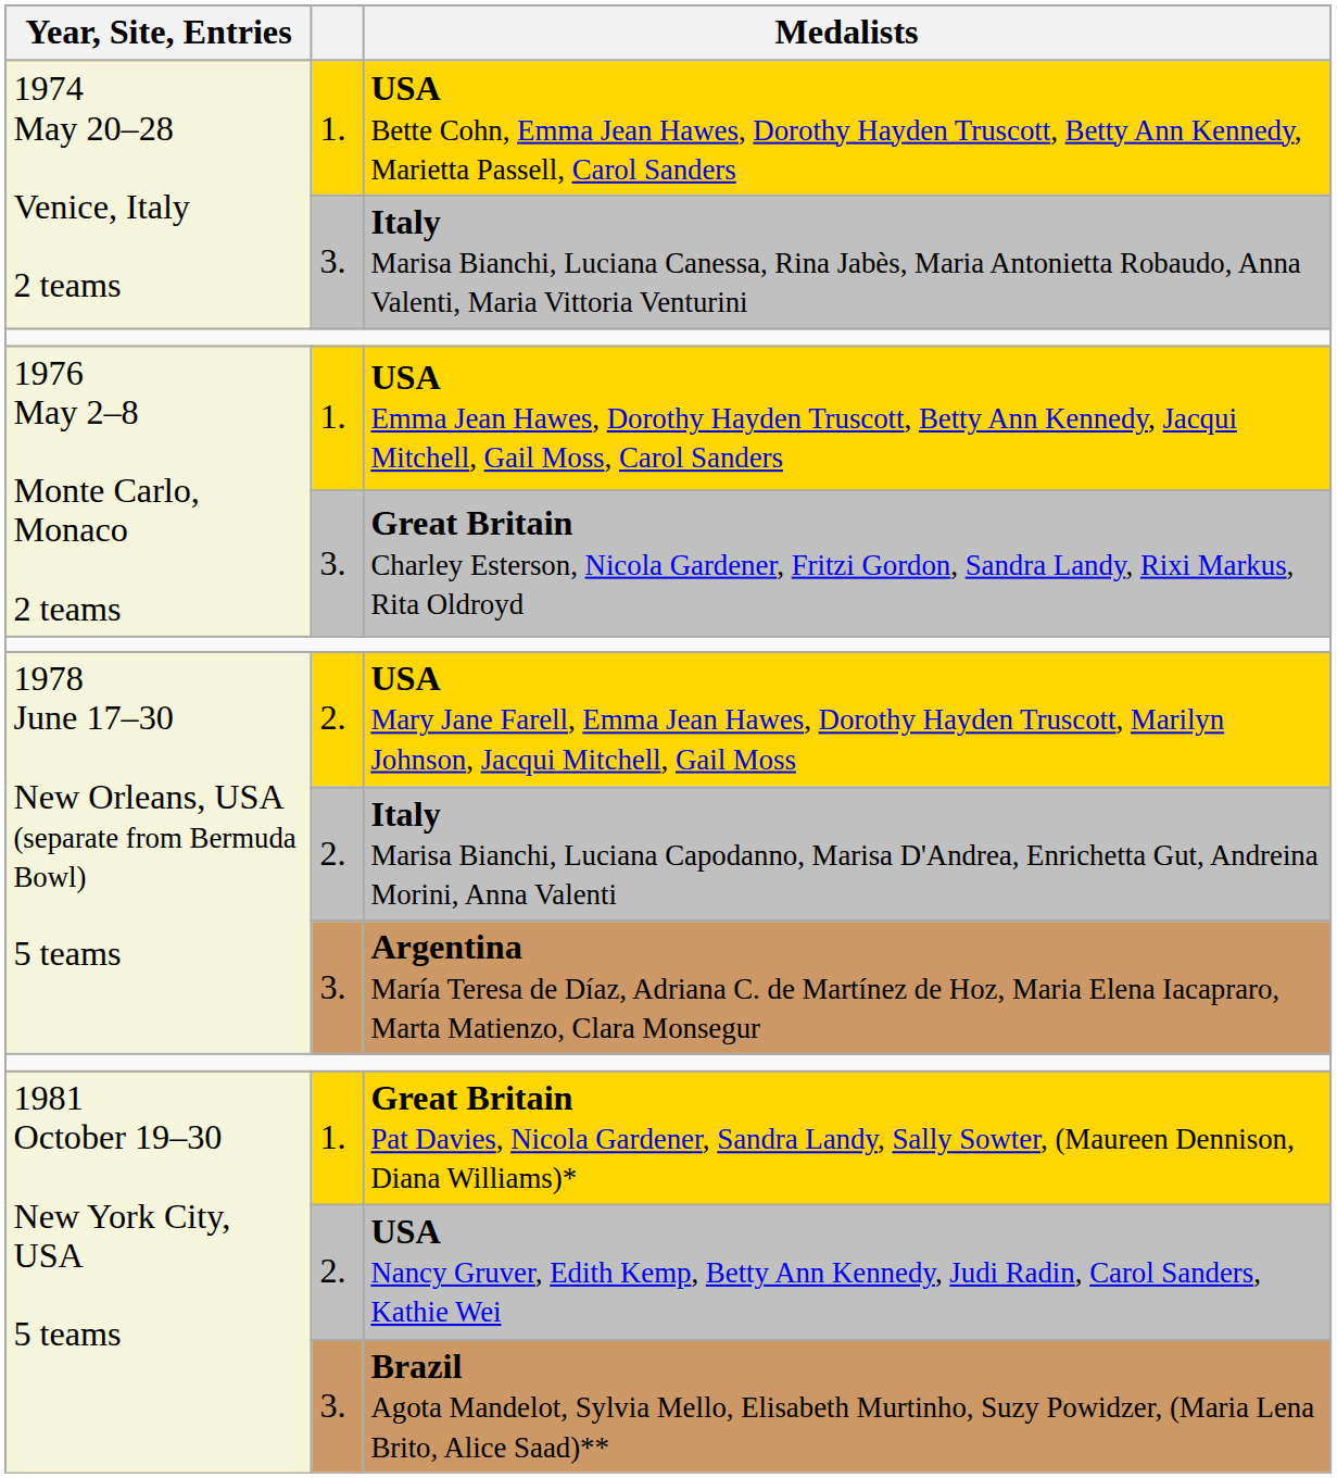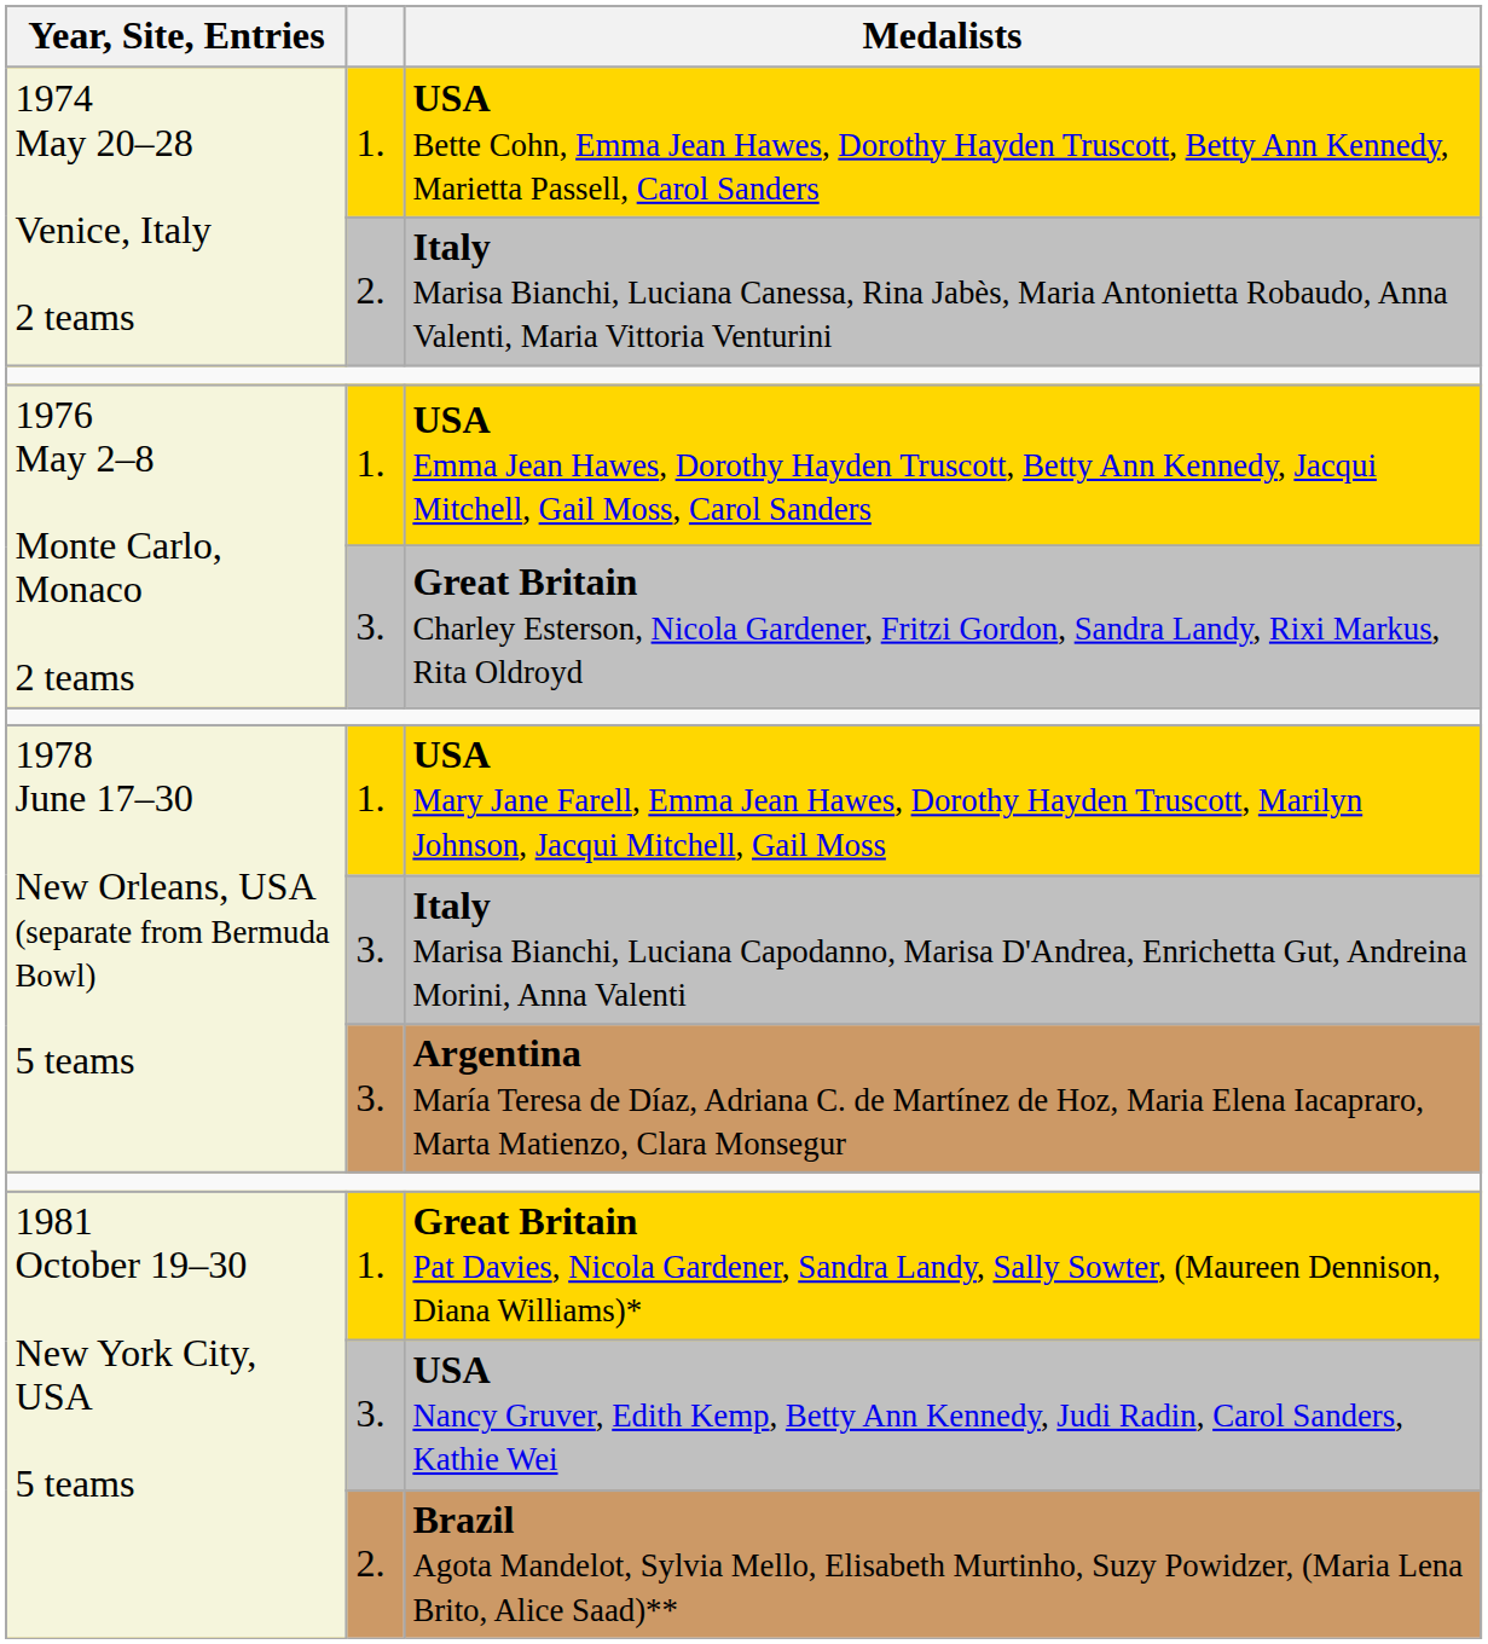 <table class=wikitable>
 <tr>
 <th>Year, Site, Entries</th>
 <th></th>
 <th>Medalists</th>
 </tr>
 <tr bgcolor="gold">
 <td rowspan=2 bgcolor="beige" valign="Top">1974<br>May 20–28 <br> <br>Venice, Italy <br> <br>2 teams</td>
 <td>1. </td>
 <td> <strong>USA</strong> <br><small>Bette Cohn, <a href='#'>Emma Jean Hawes</a>, <a href='#'>Dorothy Hayden Truscott</a>, <a href='#'>Betty Ann Kennedy</a>, Marietta Passell, <a href='#'>Carol Sanders</a></small></td>
 </tr>
 <tr bgcolor="silver">
-<td>3.</td>
+<td>2.</td>
 <td> <strong>Italy</strong> <br><small>Marisa Bianchi, Luciana Canessa, Rina Jabès, Maria Antonietta Robaudo, Anna Valenti, Maria Vittoria Venturini  </small></td>
 </tr>
 <tr>
 <td colspan=3></td>
 </tr>
 <tr bgcolor="gold">
 <td rowspan=2 bgcolor="beige" valign="Top">1976<br>May 2–8 <br> <br>Monte Carlo, Monaco <br> <br>2 teams</td>
 <td>1.</td>
 <td> <strong>USA</strong> <br><small><a href='#'>Emma Jean Hawes</a>, <a href='#'>Dorothy Hayden Truscott</a>, <a href='#'>Betty Ann Kennedy</a>, <a href='#'>Jacqui Mitchell</a>, <a href='#'>Gail Moss</a>, <a href='#'>Carol Sanders</a></small></td>
 </tr>
 <tr bgcolor="silver">
 <td>3.</td>
 <td> <strong>Great Britain</strong> <br><small>Charley Esterson, <a href='#'>Nicola Gardener</a>, <a href='#'>Fritzi Gordon</a>, <a href='#'>Sandra Landy</a>, <a href='#'>Rixi Markus</a>, Rita Oldroyd</small></td>
 </tr>
 <tr>
 <td colspan=3></td>
 </tr>
 <tr bgcolor="gold">
 <td rowspan=3 bgcolor="beige" valign="Top">1978<br>June 17–30 <br> <br>New Orleans, USA <br><small>(separate from Bermuda Bowl)</small>  <br> <br>5 teams</td>
-<td>2.</td>
+<td>1.</td>
 <td> <strong>USA</strong> <br><small><a href='#'>Mary Jane Farell</a>, <a href='#'>Emma Jean Hawes</a>, <a href='#'>Dorothy Hayden Truscott</a>, <a href='#'>Marilyn Johnson</a>, <a href='#'>Jacqui Mitchell</a>, <a href='#'>Gail Moss</a></small></td>
 </tr>
 <tr bgcolor="silver">
-<td>2.</td>
+<td>3.</td>
 <td> <strong>Italy</strong> <br><small>Marisa Bianchi, Luciana Capodanno, Marisa D'Andrea, Enrichetta Gut, Andreina Morini, Anna Valenti</small></td>
 </tr>
 <tr bgcolor="cc9966">
 <td>3.</td>
 <td> <strong>Argentina</strong> <br><small>María Teresa de Díaz, Adriana C. de Martínez de Hoz, Maria Elena Iacapraro, Marta Matienzo, Clara Monsegur</small></td>
 </tr>
 <tr>
 <td colspan=3></td>
 </tr>
 <tr bgcolor="gold">
 <td rowspan=3 bgcolor="beige" valign="Top">1981<br>October 19–30 <br> <br>New York City, USA <br> <br>5 teams</td>
 <td>1.</td>
 <td> <strong>Great Britain</strong> <br><small><a href='#'>Pat Davies</a>, <a href='#'>Nicola Gardener</a>, <a href='#'>Sandra Landy</a>, <a href='#'>Sally Sowter</a>, (Maureen Dennison, Diana Williams)*</small></td>
 </tr>
 <tr bgcolor="silver">
-<td>2.</td>
+<td>3.</td>
 <td> <strong>USA</strong> <br><small><a href='#'>Nancy Gruver</a>, <a href='#'>Edith Kemp</a>, <a href='#'>Betty Ann Kennedy</a>, <a href='#'>Judi Radin</a>, <a href='#'>Carol Sanders</a>, <a href='#'>Kathie Wei</a></small></td>
 </tr>
 <tr bgcolor="cc9966">
-<td>3.</td>
+<td>2.</td>
 <td> <strong>Brazil</strong> <br><small>Agota Mandelot, Sylvia Mello, Elisabeth Murtinho, Suzy Powidzer, (Maria Lena Brito, Alice Saad)**</small></td>
 </tr>
 </table>
